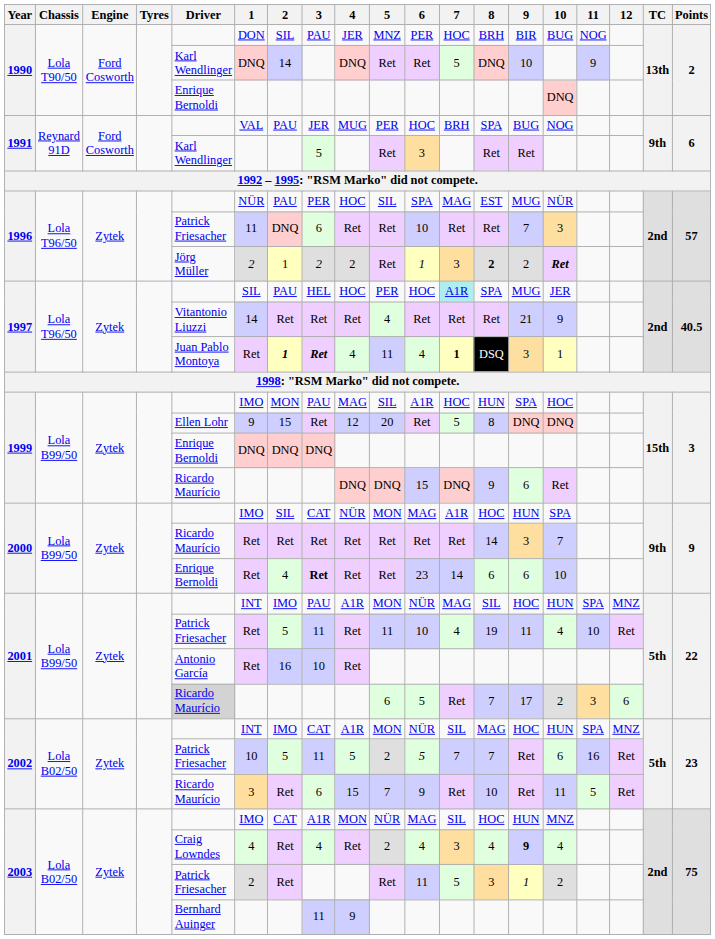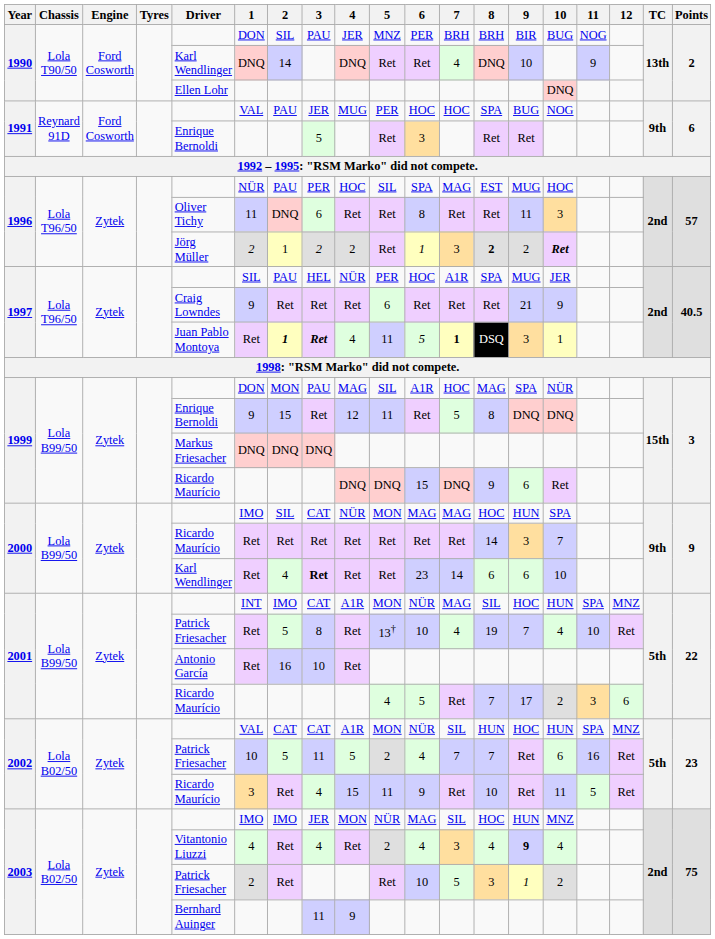 <table class="wikitable" style="text-align:center; font-size:85%">
 <tr>
 <th>Year</th>
 <th>Chassis</th>
 <th>Engine</th>
 <th>Tyres</th>
 <th>Driver</th>
 <th>1</th>
 <th>2</th>
 <th>3</th>
 <th>4</th>
 <th>5</th>
 <th>6</th>
 <th>7</th>
 <th>8</th>
 <th>9</th>
 <th>10</th>
 <th>11</th>
 <th>12</th>
 <th>TC</th>
 <th>Points</th>
 </tr>
 <tr>
 <th rowspan="3"><a href='#'>1990</a></th>
 <td rowspan="3"><a href='#'>Lola T90/50</a></td>
 <td rowspan="3"><a href='#'>Ford Cosworth</a></td>
 <td rowspan="3"></td>
 <td></td>
 <td><a href='#'>DON</a></td>
 <td><a href='#'>SIL</a></td>
 <td><a href='#'>PAU</a></td>
 <td><a href='#'>JER</a></td>
 <td><a href='#'>MNZ</a></td>
 <td><a href='#'>PER</a></td>
-<td><a href='#'>HOC</a></td>
+<td><a href='#'>BRH</a></td>
 <td><a href='#'>BRH</a></td>
 <td><a href='#'>BIR</a></td>
 <td><a href='#'>BUG</a></td>
 <td><a href='#'>NOG</a></td>
 <td></td>
 <th rowspan="3">13th</th>
 <th rowspan="3">2</th>
 </tr>
 <tr>
 <td align="left"> <a href='#'>Karl Wendlinger</a></td>
 <td style="background:#FFCFCF;">DNQ</td>
 <td style="background:#CFCFFF;">14</td>
 <td></td>
 <td style="background:#FFCFCF;">DNQ</td>
 <td style="background:#EFCFFF;">Ret</td>
 <td style="background:#EFCFFF;">Ret</td>
-<td style="background:#DFFFDF;">5</td>
+<td style="background:#DFFFDF;">4</td>
 <td style="background:#FFCFCF;">DNQ</td>
 <td style="background:#CFCFFF;">10</td>
 <td></td>
 <td style="background:#CFCFFF;">9</td>
 <td></td>
 </tr>
 <tr>
-<td align="left"> <a href='#'>Enrique Bernoldi</a></td>
+<td align="left"> <a href='#'>Ellen Lohr</a></td>
 <td></td>
 <td></td>
 <td></td>
 <td></td>
 <td></td>
 <td></td>
 <td></td>
 <td></td>
 <td></td>
 <td style="background:#FFCFCF;">DNQ</td>
 <td></td>
 <td></td>
 </tr>
 <tr>
 <th rowspan="2"><a href='#'>1991</a></th>
 <td rowspan="2"><a href='#'>Reynard 91D</a></td>
 <td rowspan="2"><a href='#'>Ford Cosworth</a></td>
 <td rowspan="2"></td>
 <td></td>
 <td><a href='#'>VAL</a></td>
 <td><a href='#'>PAU</a></td>
 <td><a href='#'>JER</a></td>
 <td><a href='#'>MUG</a></td>
 <td><a href='#'>PER</a></td>
 <td><a href='#'>HOC</a></td>
-<td><a href='#'>BRH</a></td>
+<td><a href='#'>HOC</a></td>
 <td><a href='#'>SPA</a></td>
 <td><a href='#'>BUG</a></td>
 <td><a href='#'>NOG</a></td>
 <td></td>
 <td></td>
 <th rowspan="2">9th</th>
 <th rowspan="2">6</th>
 </tr>
 <tr>
-<td align="left"> <a href='#'>Karl Wendlinger</a></td>
+<td align="left"> <a href='#'>Enrique Bernoldi</a></td>
 <td></td>
 <td></td>
 <td style="background:#DFFFDF;">5</td>
 <td></td>
 <td style="background:#EFCFFF;">Ret</td>
 <td style="background:#FFDF9F;">3</td>
 <td></td>
 <td style="background:#EFCFFF;">Ret</td>
 <td style="background:#EFCFFF;">Ret</td>
 <td></td>
 <td></td>
 <td></td>
 </tr>
 <tr>
 <th colspan=19><a href='#'>1992</a> – <a href='#'>1995</a>: "RSM Marko" did not compete.</th>
 </tr>
 <tr>
 <th rowspan="3"><a href='#'>1996</a></th>
 <td rowspan="3"><a href='#'>Lola T96/50</a></td>
 <td rowspan="3"><a href='#'>Zytek</a></td>
 <td rowspan="3"></td>
 <td></td>
 <td><a href='#'>NÜR</a></td>
 <td><a href='#'>PAU</a></td>
 <td><a href='#'>PER</a></td>
 <td><a href='#'>HOC</a></td>
 <td><a href='#'>SIL</a></td>
 <td><a href='#'>SPA</a></td>
 <td><a href='#'>MAG</a></td>
 <td><a href='#'>EST</a></td>
 <td><a href='#'>MUG</a></td>
-<td><a href='#'>NÜR</a></td>
+<td><a href='#'>HOC</a></td>
 <td></td>
 <td></td>
 <th rowspan="3" style="background:#DFDFDF;">2nd</th>
 <th rowspan="3" style="background:#DFDFDF;">57</th>
 </tr>
 <tr>
-<td align="left"> <a href='#'>Patrick Friesacher</a></td>
+<td align="left"> <a href='#'>Oliver Tichy</a></td>
 <td style="background:#CFCFFF;">11</td>
 <td style="background:#FFCFCF;">DNQ</td>
 <td style="background:#DFFFDF;">6</td>
 <td style="background:#EFCFFF;">Ret</td>
 <td style="background:#EFCFFF;">Ret</td>
-<td style="background:#CFCFFF;">10</td>
+<td style="background:#CFCFFF;">8</td>
 <td style="background:#EFCFFF;">Ret</td>
 <td style="background:#EFCFFF;">Ret</td>
-<td style="background:#CFCFFF;">7</td>
+<td style="background:#CFCFFF;">11</td>
 <td style="background:#FFDF9F;">3</td>
 <td></td>
 <td></td>
 </tr>
 <tr>
 <td align="left"> <a href='#'>Jörg Müller</a></td>
 <td style="background:#DFDFDF;"><em>2</em></td>
 <td style="background:#FFFFBF;">1</td>
 <td style="background:#DFDFDF;"><em>2</em></td>
 <td style="background:#DFDFDF;">2</td>
 <td style="background:#EFCFFF;">Ret</td>
 <td style="background:#FFFFBF;"><em>1</em></td>
 <td style="background:#FFDF9F;">3</td>
 <td style="background:#DFDFDF;"><strong>2</strong></td>
 <td style="background:#DFDFDF;">2</td>
 <td style="background:#EFCFFF;"><strong><em>Ret</em></strong></td>
 <td></td>
 <td></td>
 </tr>
 <tr>
 <th rowspan="3"><a href='#'>1997</a></th>
 <td rowspan="3"><a href='#'>Lola T96/50</a></td>
 <td rowspan="3"><a href='#'>Zytek</a></td>
 <td rowspan="3"></td>
 <td></td>
 <td><a href='#'>SIL</a></td>
 <td><a href='#'>PAU</a></td>
 <td><a href='#'>HEL</a></td>
-<td><a href='#'>HOC</a></td>
+<td><a href='#'>NÜR</a></td>
 <td><a href='#'>PER</a></td>
 <td><a href='#'>HOC</a></td>
-<td style="background: paleturquoise;"><a href='#'>A1R</a></td>
+<td><a href='#'>A1R</a></td>
 <td><a href='#'>SPA</a></td>
 <td><a href='#'>MUG</a></td>
 <td><a href='#'>JER</a></td>
 <td></td>
 <td></td>
 <th rowspan="3" style="background:#DFDFDF;">2nd</th>
 <th rowspan="3" style="background:#DFDFDF;">40.5</th>
 </tr>
 <tr>
-<td align="left"> <a href='#'>Vitantonio Liuzzi</a></td>
-<td style="background:#CFCFFF;">14</td>
+<td align="left"> <a href='#'>Craig Lowndes</a></td>
+<td style="background:#CFCFFF;">9</td>
 <td style="background:#EFCFFF;">Ret</td>
 <td style="background:#EFCFFF;">Ret</td>
 <td style="background:#EFCFFF;">Ret</td>
-<td style="background:#DFFFDF;">4</td>
+<td style="background:#DFFFDF;">6</td>
 <td style="background:#EFCFFF;">Ret</td>
 <td style="background:#EFCFFF;">Ret</td>
 <td style="background:#EFCFFF;">Ret</td>
 <td style="background:#CFCFFF;">21</td>
 <td style="background:#CFCFFF;">9</td>
 <td></td>
 <td></td>
 </tr>
 <tr>
 <td align="left"> <a href='#'>Juan Pablo Montoya</a></td>
 <td style="background:#EFCFFF;">Ret</td>
 <td style="background:#FFFFBF;"><strong><em>1</em></strong></td>
 <td style="background:#EFCFFF;"><strong><em>Ret</em></strong></td>
 <td style="background:#DFFFDF;">4</td>
 <td style="background:#CFCFFF;">11</td>
-<td style="background:#DFFFDF;">4</td>
+<td style="background:#DFFFDF;"><em>5</em></td>
 <td style="background:#FFFFBF;"><strong>1</strong></td>
 <td style="background:#000000; color:white">DSQ</td>
 <td style="background:#FFDF9F;">3</td>
 <td style="background:#FFFFBF;">1</td>
 <td></td>
 <td></td>
 </tr>
 <tr>
 <th colspan=19><a href='#'>1998</a>: "RSM Marko" did not compete.</th>
 </tr>
 <tr>
 <th rowspan="4"><a href='#'>1999</a></th>
 <td rowspan="4"><a href='#'>Lola B99/50</a></td>
 <td rowspan="4"><a href='#'>Zytek</a></td>
 <td rowspan="4"></td>
 <td></td>
-<td><a href='#'>IMO</a></td>
+<td><a href='#'>DON</a></td>
 <td><a href='#'>MON</a></td>
 <td><a href='#'>PAU</a></td>
 <td><a href='#'>MAG</a></td>
 <td><a href='#'>SIL</a></td>
 <td><a href='#'>A1R</a></td>
 <td><a href='#'>HOC</a></td>
-<td><a href='#'>HUN</a></td>
+<td><a href='#'>MAG</a></td>
 <td><a href='#'>SPA</a></td>
-<td><a href='#'>HOC</a></td>
+<td><a href='#'>NÜR</a></td>
 <td></td>
 <td></td>
 <th rowspan="4">15th</th>
 <th rowspan="4">3</th>
 </tr>
 <tr>
-<td align="left"> <a href='#'>Ellen Lohr</a></td>
+<td align="left"> <a href='#'>Enrique Bernoldi</a></td>
 <td style="background:#CFCFFF;">9</td>
 <td style="background:#CFCFFF;">15</td>
 <td style="background:#EFCFFF;">Ret</td>
 <td style="background:#CFCFFF;">12</td>
-<td style="background:#CFCFFF;">20</td>
+<td style="background:#CFCFFF;">11</td>
 <td style="background:#EFCFFF;">Ret</td>
 <td style="background:#DFFFDF;">5</td>
 <td style="background:#CFCFFF;">8</td>
 <td style="background:#FFCFCF;">DNQ</td>
 <td style="background:#FFCFCF;">DNQ</td>
 <td></td>
 <td></td>
 </tr>
 <tr>
-<td align="left"> <a href='#'>Enrique Bernoldi</a></td>
+<td align="left"> <a href='#'>Markus Friesacher</a></td>
 <td style="background:#FFCFCF;">DNQ</td>
 <td style="background:#FFCFCF;">DNQ</td>
 <td style="background:#FFCFCF;">DNQ</td>
 <td></td>
 <td></td>
 <td></td>
 <td></td>
 <td></td>
 <td></td>
 <td></td>
 <td></td>
 <td></td>
 </tr>
 <tr>
 <td align="left"> <a href='#'>Ricardo Maurício</a></td>
 <td></td>
 <td></td>
 <td></td>
 <td style="background:#FFCFCF;">DNQ</td>
 <td style="background:#FFCFCF;">DNQ</td>
 <td style="background:#CFCFFF;">15</td>
 <td style="background:#FFCFCF;">DNQ</td>
 <td style="background:#CFCFFF;">9</td>
 <td style="background:#DFFFDF;">6</td>
 <td style="background:#EFCFFF;">Ret</td>
 <td></td>
 <td></td>
 </tr>
 <tr>
 <th rowspan="3"><a href='#'>2000</a></th>
 <td rowspan="3"><a href='#'>Lola B99/50</a></td>
 <td rowspan="3"><a href='#'>Zytek</a></td>
 <td rowspan="3"></td>
 <td></td>
 <td><a href='#'>IMO</a></td>
 <td><a href='#'>SIL</a></td>
 <td><a href='#'>CAT</a></td>
 <td><a href='#'>NÜR</a></td>
 <td><a href='#'>MON</a></td>
 <td><a href='#'>MAG</a></td>
-<td><a href='#'>A1R</a></td>
+<td><a href='#'>MAG</a></td>
 <td><a href='#'>HOC</a></td>
 <td><a href='#'>HUN</a></td>
 <td><a href='#'>SPA</a></td>
 <td></td>
 <td></td>
 <th rowspan="3">9th</th>
 <th rowspan="3">9</th>
 </tr>
 <tr>
 <td align="left"> <a href='#'>Ricardo Maurício</a></td>
 <td style="background:#EFCFFF;">Ret</td>
 <td style="background:#EFCFFF;">Ret</td>
 <td style="background:#EFCFFF;">Ret</td>
 <td style="background:#EFCFFF;">Ret</td>
 <td style="background:#EFCFFF;">Ret</td>
 <td style="background:#EFCFFF;">Ret</td>
 <td style="background:#EFCFFF;">Ret</td>
 <td style="background:#CFCFFF;">14</td>
 <td style="background:#FFDF9F;">3</td>
 <td style="background:#CFCFFF;">7</td>
 <td></td>
 <td></td>
 </tr>
 <tr>
-<td align="left"> <a href='#'>Enrique Bernoldi</a></td>
+<td align="left"> <a href='#'>Karl Wendlinger</a></td>
 <td style="background:#EFCFFF;">Ret</td>
 <td style="background:#DFFFDF;">4</td>
 <td style="background:#EFCFFF;"><strong>Ret</strong></td>
 <td style="background:#EFCFFF;">Ret</td>
 <td style="background:#EFCFFF;">Ret</td>
 <td style="background:#CFCFFF;">23</td>
 <td style="background:#CFCFFF;">14</td>
 <td style="background:#DFFFDF;">6</td>
 <td style="background:#DFFFDF;">6</td>
 <td style="background:#CFCFFF;">10</td>
 <td></td>
 <td></td>
 </tr>
 <tr>
 <th rowspan="4"><a href='#'>2001</a></th>
 <td rowspan="4"><a href='#'>Lola B99/50</a></td>
 <td rowspan="4"><a href='#'>Zytek</a></td>
 <td rowspan="4"></td>
 <td></td>
 <td><a href='#'>INT</a></td>
 <td><a href='#'>IMO</a></td>
-<td><a href='#'>PAU</a></td>
+<td><a href='#'>CAT</a></td>
 <td><a href='#'>A1R</a></td>
 <td><a href='#'>MON</a></td>
 <td><a href='#'>NÜR</a></td>
 <td><a href='#'>MAG</a></td>
 <td><a href='#'>SIL</a></td>
 <td><a href='#'>HOC</a></td>
 <td><a href='#'>HUN</a></td>
 <td><a href='#'>SPA</a></td>
 <td><a href='#'>MNZ</a></td>
 <th rowspan="4">5th</th>
 <th rowspan="4">22</th>
 </tr>
 <tr>
 <td align="left"> <a href='#'>Patrick Friesacher</a></td>
 <td style="background:#EFCFFF;">Ret</td>
 <td style="background:#DFFFDF;">5</td>
-<td style="background:#CFCFFF;">11</td>
+<td style="background:#CFCFFF;">8</td>
 <td style="background:#EFCFFF;">Ret</td>
-<td style="background:#CFCFFF;">11</td>
+<td style="background:#CFCFFF;">13<sup>†</sup></td>
 <td style="background:#CFCFFF;">10</td>
 <td style="background:#DFFFDF;">4</td>
 <td style="background:#CFCFFF;">19</td>
-<td style="background:#CFCFFF;">11</td>
+<td style="background:#CFCFFF;">7</td>
 <td style="background:#DFFFDF;">4</td>
 <td style="background:#CFCFFF;">10</td>
 <td style="background:#EFCFFF;">Ret</td>
 </tr>
 <tr>
 <td align="left"> <a href='#'>Antonio García</a></td>
 <td style="background:#EFCFFF;">Ret</td>
 <td style="background:#CFCFFF;">16</td>
 <td style="background:#CFCFFF;">10</td>
 <td style="background:#EFCFFF;">Ret</td>
 <td></td>
 <td></td>
 <td></td>
 <td></td>
 <td></td>
 <td></td>
 <td></td>
 <td></td>
 </tr>
 <tr>
-<td align="left" style="background: lightgrey;"> <a href='#'>Ricardo Maurício</a></td>
+<td align="left"> <a href='#'>Ricardo Maurício</a></td>
 <td></td>
 <td></td>
 <td></td>
 <td></td>
-<td style="background:#DFFFDF;">6</td>
+<td style="background:#DFFFDF;">4</td>
 <td style="background:#DFFFDF;">5</td>
 <td style="background:#EFCFFF;">Ret</td>
 <td style="background:#CFCFFF;">7</td>
 <td style="background:#CFCFFF;">17</td>
 <td style="background:#DFDFDF;">2</td>
 <td style="background:#FFDF9F;">3</td>
 <td style="background:#DFFFDF;">6</td>
 </tr>
 <tr>
 <th rowspan="3"><a href='#'>2002</a></th>
 <td rowspan="3"><a href='#'>Lola B02/50</a></td>
 <td rowspan="3"><a href='#'>Zytek</a></td>
 <td rowspan="3"></td>
 <td></td>
-<td><a href='#'>INT</a></td>
-<td><a href='#'>IMO</a></td>
+<td><a href='#'>VAL</a></td>
+<td><a href='#'>CAT</a></td>
 <td><a href='#'>CAT</a></td>
 <td><a href='#'>A1R</a></td>
 <td><a href='#'>MON</a></td>
 <td><a href='#'>NÜR</a></td>
 <td><a href='#'>SIL</a></td>
-<td><a href='#'>MAG</a></td>
+<td><a href='#'>HUN</a></td>
 <td><a href='#'>HOC</a></td>
 <td><a href='#'>HUN</a></td>
 <td><a href='#'>SPA</a></td>
 <td><a href='#'>MNZ</a></td>
 <th rowspan="3">5th</th>
 <th rowspan="3">23</th>
 </tr>
 <tr>
 <td align="left"> <a href='#'>Patrick Friesacher</a></td>
 <td style="background:#CFCFFF;">10</td>
 <td style="background:#DFFFDF;">5</td>
 <td style="background:#CFCFFF;">11</td>
 <td style="background:#DFFFDF;">5</td>
 <td style="background:#DFDFDF;">2</td>
-<td style="background:#DFFFDF;"><em>5</em></td>
+<td style="background:#DFFFDF;">4</td>
 <td style="background:#CFCFFF;">7</td>
 <td style="background:#CFCFFF;">7</td>
 <td style="background:#EFCFFF;">Ret</td>
 <td style="background:#DFFFDF;">6</td>
 <td style="background:#CFCFFF;">16</td>
 <td style="background:#EFCFFF;">Ret</td>
 </tr>
 <tr>
 <td align="left"> <a href='#'>Ricardo Maurício</a></td>
 <td style="background:#FFDF9F;">3</td>
 <td style="background:#EFCFFF;">Ret</td>
-<td style="background:#DFFFDF;">6</td>
+<td style="background:#DFFFDF;">4</td>
 <td style="background:#CFCFFF;">15</td>
-<td style="background:#CFCFFF;">7</td>
+<td style="background:#CFCFFF;">11</td>
 <td style="background:#CFCFFF;">9</td>
 <td style="background:#EFCFFF;">Ret</td>
 <td style="background:#CFCFFF;">10</td>
 <td style="background:#EFCFFF;">Ret</td>
 <td style="background:#CFCFFF;">11</td>
 <td style="background:#DFFFDF;">5</td>
 <td style="background:#EFCFFF;">Ret</td>
 </tr>
 <tr>
 <th rowspan="4"><a href='#'>2003</a></th>
 <td rowspan="4"><a href='#'>Lola B02/50</a></td>
 <td rowspan="4"><a href='#'>Zytek</a></td>
 <td rowspan="4"></td>
 <td></td>
 <td><a href='#'>IMO</a></td>
-<td><a href='#'>CAT</a></td>
-<td><a href='#'>A1R</a></td>
+<td><a href='#'>IMO</a></td>
+<td><a href='#'>JER</a></td>
 <td><a href='#'>MON</a></td>
 <td><a href='#'>NÜR</a></td>
 <td><a href='#'>MAG</a></td>
 <td><a href='#'>SIL</a></td>
 <td><a href='#'>HOC</a></td>
 <td><a href='#'>HUN</a></td>
 <td><a href='#'>MNZ</a></td>
 <td></td>
 <td></td>
 <th rowspan="4" style="background:#DFDFDF;">2nd</th>
 <th rowspan="4" style="background:#DFDFDF;">75</th>
 </tr>
 <tr>
-<td align="left"> <a href='#'>Craig Lowndes</a></td>
+<td align="left"> <a href='#'>Vitantonio Liuzzi</a></td>
 <td style="background:#DFFFDF;">4</td>
 <td style="background:#EFCFFF;">Ret</td>
 <td style="background:#DFFFDF;">4</td>
 <td style="background:#EFCFFF;">Ret</td>
 <td style="background:#DFDFDF;">2</td>
 <td style="background:#DFFFDF;">4</td>
 <td style="background:#FFDF9F;">3</td>
 <td style="background:#DFFFDF;">4</td>
 <td style="background:#CFCFFF;"><strong>9</strong></td>
 <td style="background:#DFFFDF;">4</td>
 <td></td>
 <td></td>
 </tr>
 <tr>
 <td align="left"> <a href='#'>Patrick Friesacher</a></td>
 <td style="background:#DFDFDF;">2</td>
 <td style="background:#EFCFFF;">Ret</td>
 <td></td>
 <td></td>
 <td style="background:#EFCFFF;">Ret</td>
-<td style="background:#CFCFFF;">11</td>
+<td style="background:#CFCFFF;">10</td>
 <td style="background:#DFFFDF;">5</td>
 <td style="background:#FFDF9F;">3</td>
 <td style="background:#FFFFBF;"><em>1</em></td>
 <td style="background:#DFDFDF;">2</td>
 <td></td>
 <td></td>
 </tr>
 <tr>
 <td align="left"> <a href='#'>Bernhard Auinger</a></td>
 <td></td>
 <td></td>
 <td style="background:#CFCFFF;">11</td>
 <td style="background:#CFCFFF;">9</td>
 <td></td>
 <td></td>
 <td></td>
 <td></td>
 <td></td>
 <td></td>
 <td></td>
 <td></td>
 </tr>
 </table>
